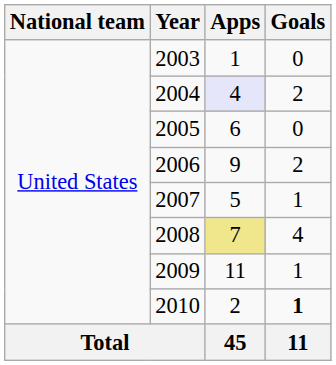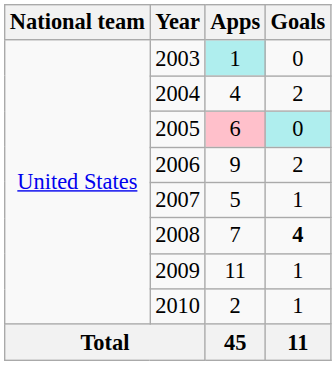 <table class="wikitable" style="text-align: center">
 <tr>
 <th>National team</th>
 <th>Year</th>
 <th>Apps</th>
 <th>Goals</th>
 </tr>
 <tr>
 <td rowspan="8"><a href='#'>United States</a></td>
 <td>2003</td>
-<td>1</td>
+<td style="background: paleturquoise;">1</td>
 <td>0</td>
 </tr>
 <tr>
 <td>2004</td>
-<td style="background: lavender;">4</td>
+<td>4</td>
 <td>2</td>
 </tr>
 <tr>
 <td>2005</td>
-<td>6</td>
-<td>0</td>
+<td style="background: pink;">6</td>
+<td style="background: paleturquoise;">0</td>
 </tr>
 <tr>
 <td>2006</td>
 <td>9</td>
 <td>2</td>
 </tr>
 <tr>
 <td>2007</td>
 <td>5</td>
 <td>1</td>
 </tr>
 <tr>
 <td>2008</td>
-<td style="background: khaki;">7</td>
-<td>4</td>
+<td>7</td>
+<td><strong>4</strong></td>
 </tr>
 <tr>
 <td>2009</td>
 <td>11</td>
 <td>1</td>
 </tr>
 <tr>
 <td>2010</td>
 <td>2</td>
-<td><strong>1</strong></td>
+<td>1</td>
 </tr>
 <tr>
 <th colspan="2">Total</th>
 <th>45</th>
 <th>11</th>
 </tr>
 </table>
